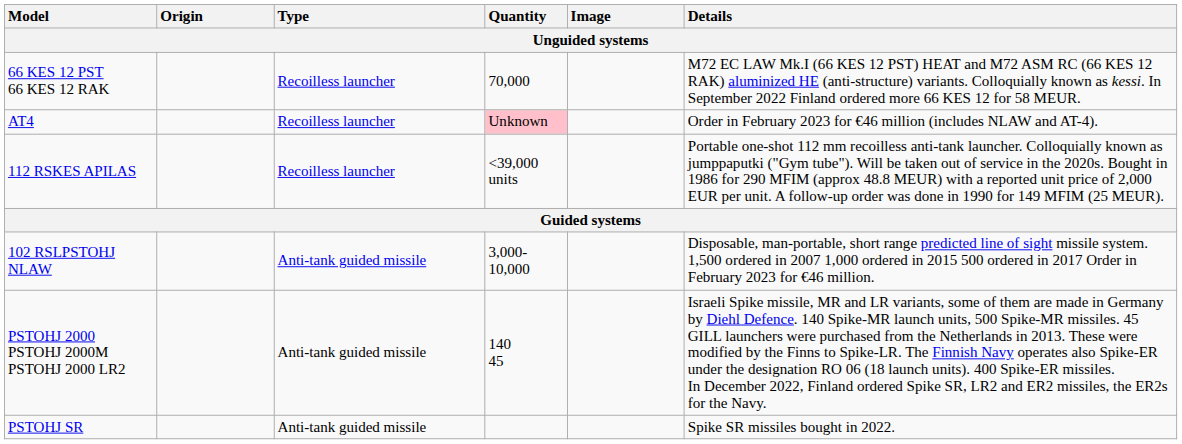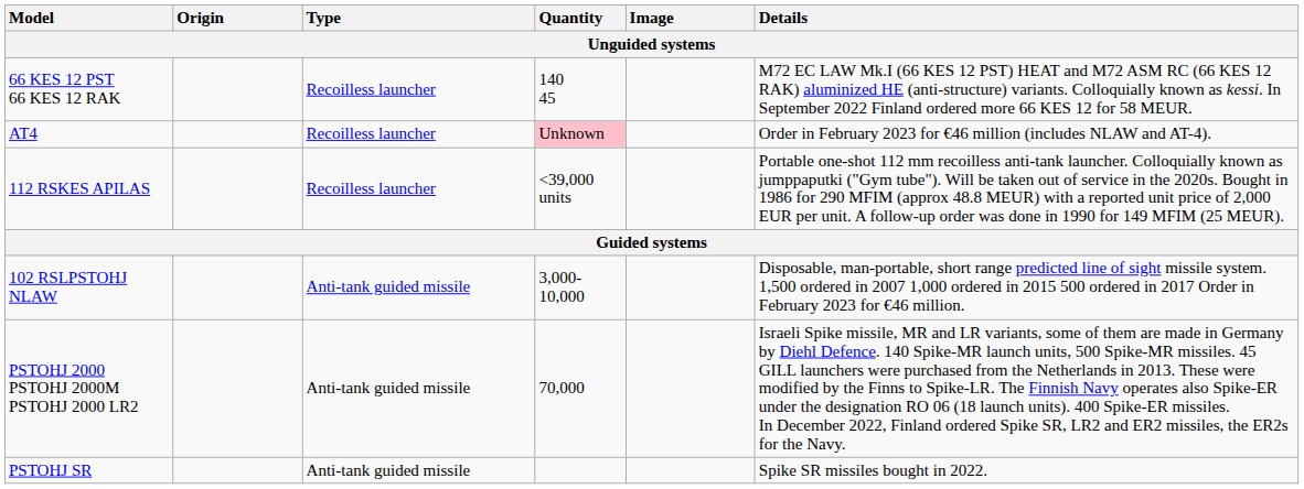 <table class="wikitable">
 <tr>
 <th style="text-align: left; width:13%;">Model</th>
 <th style="text-align: left; width:10%;">Origin</th>
 <th style="text-align: left; width:18%;">Type</th>
 <th style="text-align: left; width:7%;">Quantity</th>
 <th style="text-align: left; width:10%;">Image</th>
 <th style="text-align: left; width:42%;">Details</th>
 </tr>
 <tr>
 <th colspan="6">Unguided systems</th>
 </tr>
 <tr>
 <td><a href='#'>66 KES 12 PST</a><br>66 KES 12 RAK</td>
 <td><br></td>
 <td><a href='#'>Recoilless launcher</a></td>
-<td>70,000</td>
+<td>140<br>45<br></td>
 <td></td>
 <td>M72 EC LAW Mk.I (66 KES 12 PST) HEAT and M72 ASM RC (66 KES 12 RAK) <a href='#'>aluminized HE</a> (anti-structure) variants. Colloquially known as <em>kessi</em>. In September 2022 Finland ordered more 66 KES 12 for 58 MEUR.</td>
 </tr>
 <tr>
 <td><a href='#'>AT4</a></td>
 <td></td>
 <td><a href='#'>Recoilless launcher</a></td>
 <td style="background: pink;">Unknown</td>
 <td></td>
 <td>Order in February 2023 for €46 million (includes NLAW and AT-4).</td>
 </tr>
 <tr>
 <td><a href='#'>112 RSKES APILAS</a></td>
 <td></td>
 <td><a href='#'>Recoilless launcher</a></td>
 <td><39,000 units</td>
 <td></td>
 <td>Portable one-shot 112 mm recoilless anti-tank launcher. Colloquially known as jumppaputki ("Gym tube"). Will be taken out of service in the 2020s. Bought in 1986 for 290 MFIM (approx 48.8 MEUR) with a reported unit price of 2,000 EUR per unit. A follow-up order was done in 1990 for 149 MFIM (25 MEUR).</td>
 </tr>
 <tr>
 <th colspan="6">Guided systems</th>
 </tr>
 <tr>
 <td><a href='#'>102 RSLPSTOHJ NLAW</a></td>
 <td><br></td>
 <td><a href='#'>Anti-tank guided missile</a></td>
 <td>3,000-10,000</td>
 <td></td>
 <td>Disposable, man-portable, short range <a href='#'>predicted line of sight</a> missile system.<br>1,500 ordered in 2007 1,000 ordered in 2015 500 ordered in 2017 Order in February 2023 for €46 million.</td>
 </tr>
 <tr>
 <td><a href='#'>PSTOHJ 2000</a><br>PSTOHJ 2000M<br>PSTOHJ 2000 LR2</td>
 <td><br></td>
 <td>Anti-tank guided missile</td>
-<td>140<br>45<br></td>
+<td>70,000</td>
 <td><br></td>
 <td>Israeli Spike missile, MR and LR variants, some of them are made in Germany by <a href='#'>Diehl Defence</a>. 140 Spike-MR launch units, 500 Spike-MR missiles. 45 GILL launchers were purchased from the Netherlands in 2013. These were modified by the Finns to Spike-LR. The <a href='#'>Finnish Navy</a> operates also Spike-ER under the designation RO 06 (18 launch units). 400 Spike-ER missiles.<br>In December 2022, Finland ordered Spike SR, LR2 and ER2 missiles, the ER2s for the Navy.</td>
 </tr>
 <tr>
 <td><a href='#'>PSTOHJ SR</a></td>
 <td></td>
 <td>Anti-tank guided missile</td>
 <td></td>
 <td></td>
 <td>Spike SR missiles bought in 2022.</td>
 </tr>
 </table>
